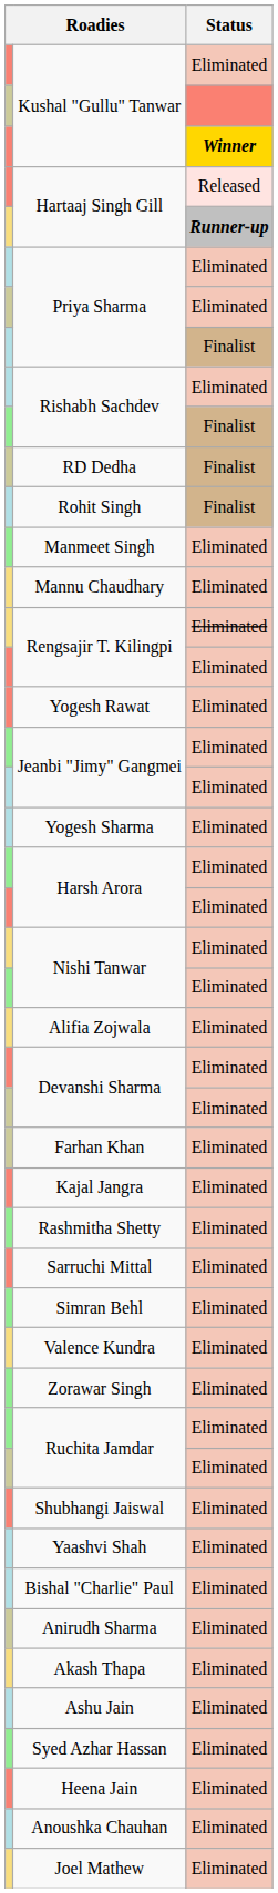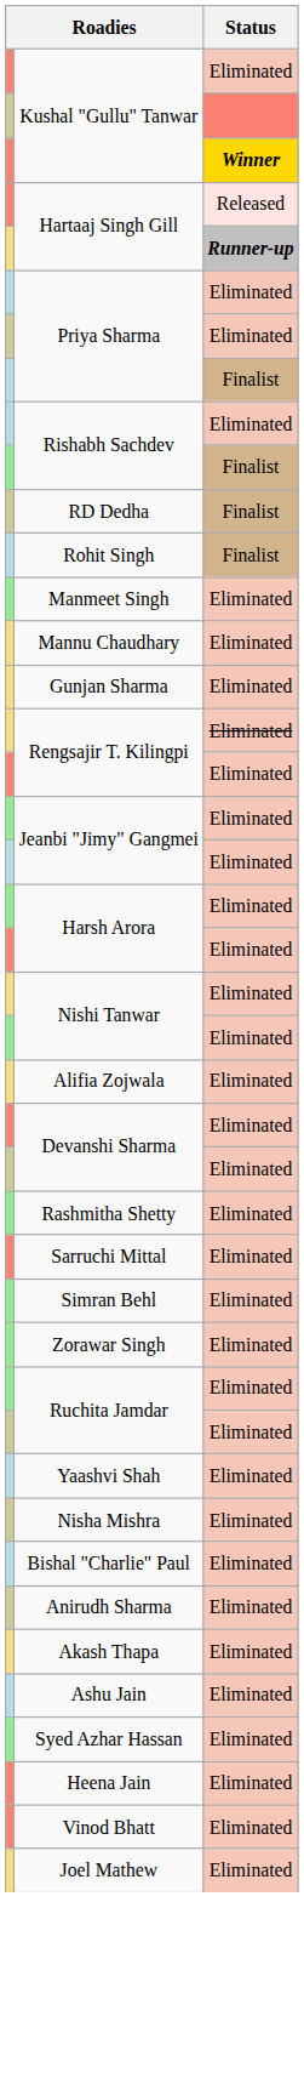 <table class="wikitable" style=" text-align:center; font-size:85%; line-height:25px; width:fit;">
 <tr>
 <th colspan="2">Roadies</th>
 <th>Status</th>
 </tr>
 <tr>
 <td style="background:#FA8072;"></td>
 <td rowspan="3">Kushal "Gullu" Tanwar </td>
 <td style="background:#f4c7b8;">Eliminated<br></td>
 </tr>
 <tr>
 <td style="background:#CCCB99;"></td>
 <td style="background:salmon;"><small></small><br></td>
 </tr>
 <tr>
 <td style="background:#FA8072;"></td>
 <td bgcolor="Gold"><strong><em>Winner</em></strong><br></td>
 </tr>
 <tr>
 <td style="background:#FA8072;"></td>
 <td rowspan="2">Hartaaj Singh Gill </td>
 <td style="background:#FFE4E1;">Released<br></td>
 </tr>
 <tr>
 <td style="background:#F8DE7E;"></td>
 <td style="background:silver;"><strong><em>Runner-up</em></strong><br></td>
 </tr>
 <tr>
 <td style="background:#B0E0E6;"></td>
 <td rowspan="3">Priya Sharma  </td>
 <td style="background:#f4c7b8;">Eliminated<br></td>
 </tr>
 <tr>
 <td style="background:#CCCB99;"></td>
 <td style="background:#f4c7b8;">Eliminated<br></td>
 </tr>
 <tr>
 <td style="background:#B0E0E6;"></td>
 <td style="background:tan;">Finalist<br></td>
 </tr>
 <tr>
 <td style="background:#B0E0E6;"></td>
 <td rowspan="2">Rishabh Sachdev </td>
 <td style="background:#f4c7b8;">Eliminated<br></td>
 </tr>
 <tr>
 <td style="background:#90EE90;"></td>
 <td style="background:tan;">Finalist<br></td>
 </tr>
 <tr>
 <td style="background:#CCCB99;"></td>
 <td>RD Dedha </td>
 <td style="background:tan;">Finalist<br></td>
 </tr>
 <tr>
 <td style="background:#B0E0E6;"></td>
 <td>Rohit Singh</td>
 <td style="background:tan;">Finalist<br></td>
 </tr>
 <tr>
 <td style="background:#90EE90;"></td>
 <td>Manmeet Singh</td>
 <td style="background:#f4c7b8;">Eliminated<br></td>
 </tr>
 <tr>
 <td style="background:#F8DE7E;"></td>
 <td>Mannu Chaudhary</td>
 <td style="background:#f4c7b8;">Eliminated<br></td>
 </tr>
 <tr>
 <td style="background:#F8DE7E;"></td>
+<td>Gunjan Sharma</td>
+<td style="background:#f4c7b8;">Eliminated<br></td>
+</tr>
+<tr>
+<td style="background:#F8DE7E;"></td>
 <td rowspan="2">Rengsajir T. Kilingpi</td>
 <td style="background:#f4c7b8;"><s>Eliminated<br></s></td>
 </tr>
 <tr>
 <td style="background:#FA8072;"></td>
-<td style="background:#f4c7b8;">Eliminated<br></td>
-</tr>
-<tr>
-<td style="background:#FA8072;"></td>
-<td>Yogesh Rawat</td>
 <td style="background:#f4c7b8;">Eliminated<br></td>
 </tr>
 <tr>
 <td style="background:#90EE90;"></td>
 <td rowspan="2">Jeanbi "Jimy" Gangmei </td>
 <td style="background:#f4c7b8;">Eliminated<br></td>
 </tr>
 <tr>
 <td style="background:#B0E0E6;"></td>
-<td style="background:#f4c7b8;">Eliminated<br></td>
-</tr>
-<tr>
-<td style="background:#B0E0E6;"></td>
-<td>Yogesh Sharma</td>
 <td style="background:#f4c7b8;">Eliminated<br></td>
 </tr>
 <tr>
 <td style="background:#90EE90;"></td>
 <td rowspan="2">Harsh Arora </td>
 <td style="background:#f4c7b8;">Eliminated<br></td>
 </tr>
 <tr>
 <td style="background:#FA8072;"></td>
 <td style="background:#f4c7b8;">Eliminated<br></td>
 </tr>
 <tr>
 <td style="background:#F8DE7E;"></td>
 <td rowspan="2">Nishi Tanwar </td>
 <td style="background:#f4c7b8;">Eliminated<br></td>
 </tr>
 <tr>
 <td style="background:#90EE90;"></td>
 <td style="background:#f4c7b8;">Eliminated<br></td>
 </tr>
 <tr>
 <td style="background:#F8DE7E;"></td>
 <td>Alifia Zojwala</td>
 <td style="background:#f4c7b8;">Eliminated<br></td>
 </tr>
 <tr>
 <td style="background:#FA8072;"></td>
 <td rowspan="2">Devanshi Sharma </td>
 <td style="background:#f4c7b8;">Eliminated<br></td>
 </tr>
 <tr>
 <td style="background:#CCCB99;"></td>
 <td style="background:#f4c7b8;">Eliminated<br></td>
 </tr>
 <tr>
-<td style="background:#CCCB99;"></td>
-<td>Farhan Khan </td>
-<td style="background:#f4c7b8;">Eliminated<br></td>
-</tr>
-<tr>
-<td style="background:#FA8072;"></td>
-<td>Kajal Jangra </td>
-<td style="background:#f4c7b8;">Eliminated<br></td>
-</tr>
-<tr>
 <td style="background:#90EE90;"></td>
 <td>Rashmitha Shetty</td>
 <td style="background:#f4c7b8;">Eliminated<br></td>
 </tr>
 <tr>
 <td style="background:#FA8072;"></td>
 <td>Sarruchi Mittal</td>
 <td style="background:#f4c7b8;">Eliminated<br></td>
 </tr>
 <tr>
 <td style="background:#90EE90;"></td>
 <td>Simran Behl</td>
-<td style="background:#f4c7b8;">Eliminated<br></td>
-</tr>
-<tr>
-<td style="background:#F8DE7E;"></td>
-<td>Valence Kundra</td>
 <td style="background:#f4c7b8;">Eliminated<br></td>
 </tr>
 <tr>
 <td style="background:#90EE90;"></td>
 <td>Zorawar Singh</td>
 <td style="background:#f4c7b8;">Eliminated<br></td>
 </tr>
 <tr>
 <td style="background:#90EE90;"></td>
 <td rowspan="2">Ruchita Jamdar </td>
 <td style="background:#f4c7b8;">Eliminated<br></td>
 </tr>
 <tr>
 <td style="background:#CCCB99;"></td>
 <td style="background:#f4c7b8;">Eliminated<br></td>
 </tr>
 <tr>
-<td style="background:#FA8072;"></td>
-<td>Shubhangi Jaiswal</td>
+<td style="background:#B0E0E6;"></td>
+<td>Yaashvi Shah</td>
 <td style="background:#f4c7b8;">Eliminated<br></td>
 </tr>
 <tr>
-<td style="background:#B0E0E6;"></td>
-<td>Yaashvi Shah</td>
+<td style="background:#CCCB99;"></td>
+<td>Nisha Mishra </td>
 <td style="background:#f4c7b8;">Eliminated<br></td>
 </tr>
 <tr>
 <td style="background:#B0E0E6;"></td>
 <td>Bishal "Charlie" Paul</td>
 <td style="background:#f4c7b8;">Eliminated<br></td>
 </tr>
 <tr>
 <td style="background:#CCCB99;"></td>
 <td>Anirudh Sharma </td>
 <td style="background:#f4c7b8;">Eliminated<br></td>
 </tr>
 <tr>
 <td style="background:#F8DE7E;"></td>
 <td>Akash Thapa</td>
 <td style="background:#f4c7b8;">Eliminated<br></td>
 </tr>
 <tr>
 <td style="background:#B0E0E6;"></td>
 <td>Ashu Jain</td>
 <td style="background:#f4c7b8;">Eliminated<br></td>
 </tr>
 <tr>
 <td style="background:#90EE90;"></td>
 <td>Syed Azhar Hassan</td>
 <td style="background:#f4c7b8;">Eliminated<br></td>
 </tr>
 <tr>
 <td style="background:#FA8072;"></td>
 <td>Heena Jain</td>
 <td style="background:#f4c7b8;">Eliminated<br></td>
 </tr>
 <tr>
-<td style="background:#B0E0E6;"></td>
-<td>Anoushka Chauhan</td>
+<td style="background:#FA8072;"></td>
+<td>Vinod Bhatt</td>
 <td style="background:#f4c7b8;">Eliminated<br></td>
 </tr>
 <tr>
 <td style="background:#F8DE7E;"></td>
 <td>Joel Mathew</td>
 <td style="background:#f4c7b8;">Eliminated<br></td>
 </tr>
 <tr>
 </tr>
 </table>
